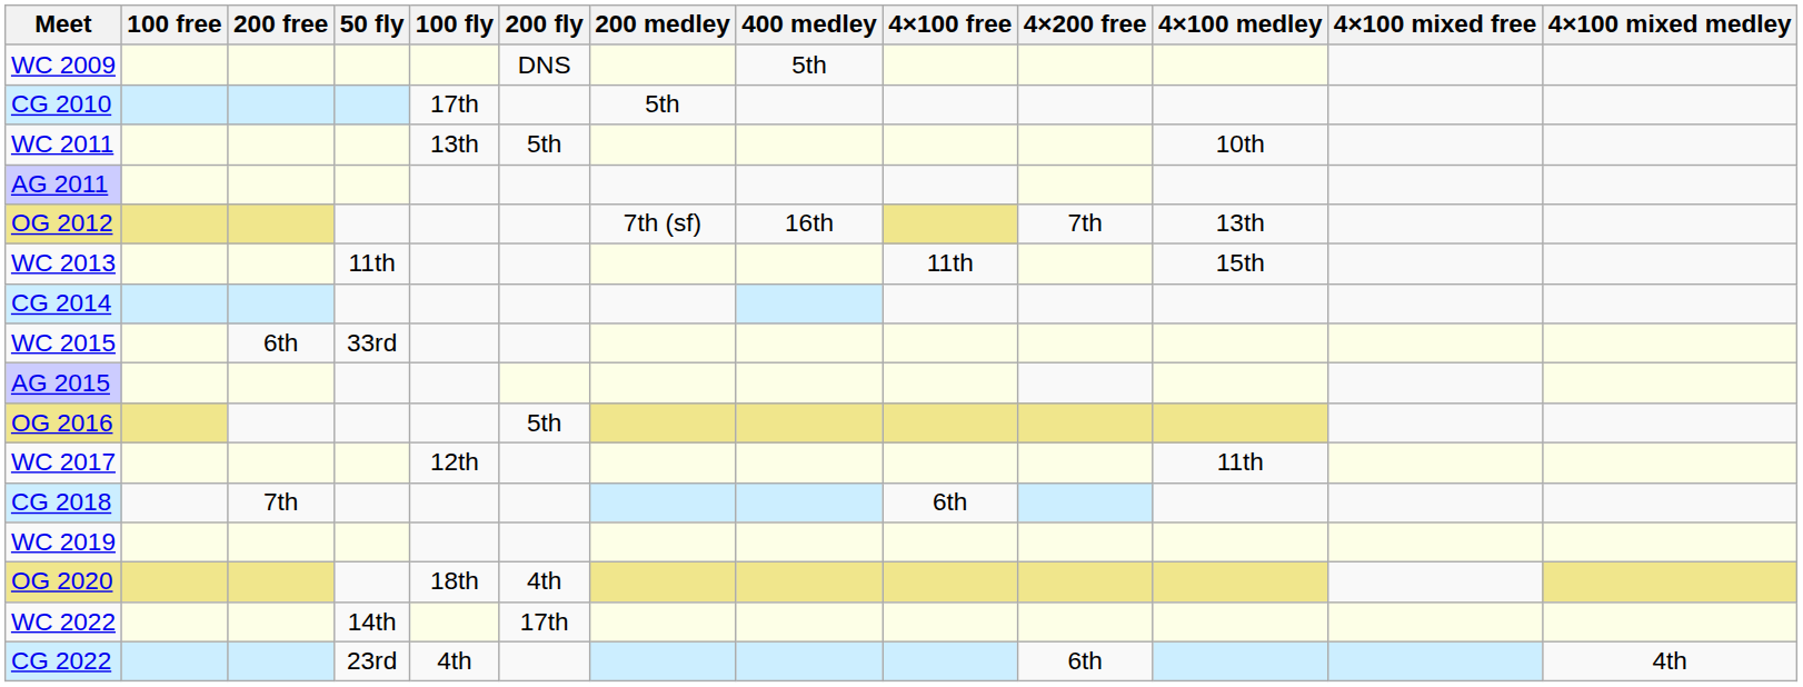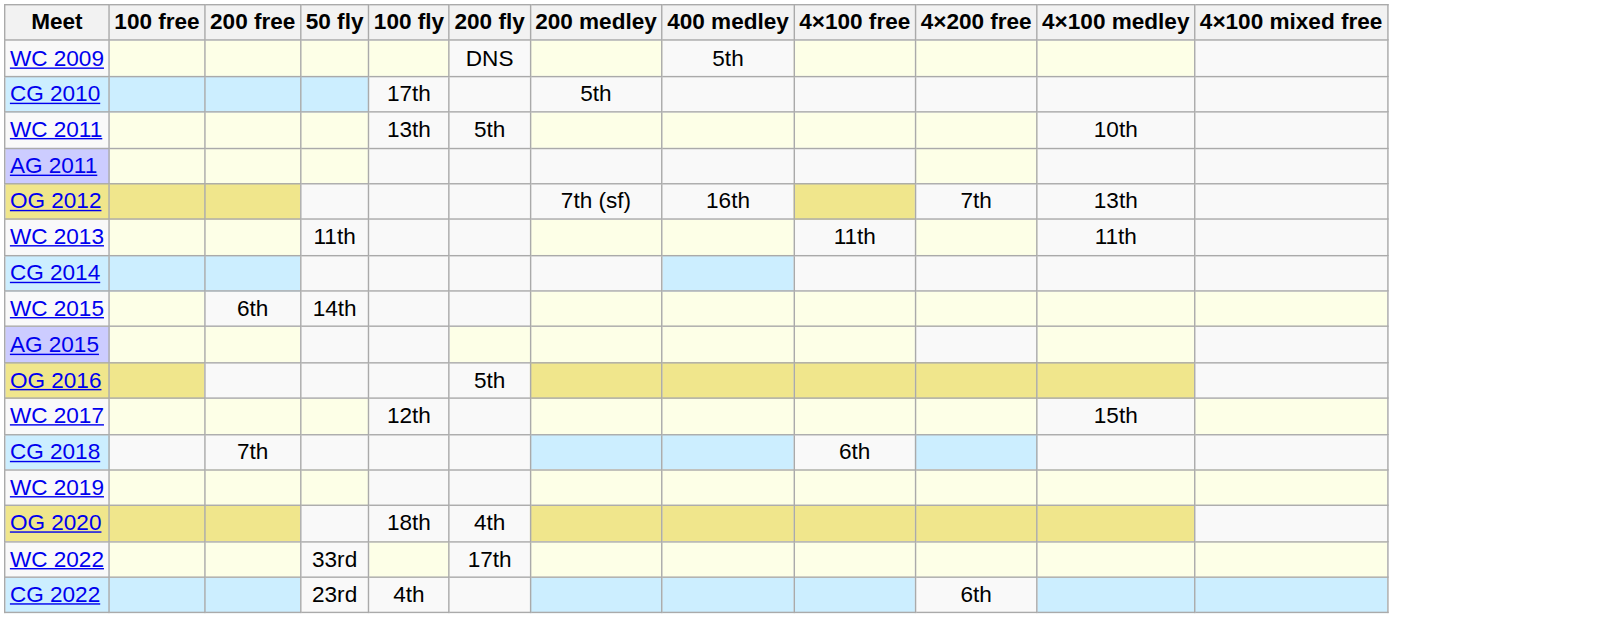 <table class="sortable wikitable">
 <tr>
 <th>Meet</th>
 <th class="unsortable">100 free</th>
 <th class="unsortable">200 free</th>
 <th class="unsortable">50 fly</th>
 <th class="unsortable">100 fly</th>
 <th class="unsortable">200 fly</th>
 <th class="unsortable">200 medley</th>
 <th class="unsortable">400 medley</th>
 <th class="unsortable">4×100 free</th>
 <th class="unsortable">4×200 free</th>
 <th class="unsortable">4×100 medley</th>
 <th class="unsortable">4×100 mixed free</th>
-<th class="unsortable">4×100 mixed medley</th>
 </tr>
 <tr>
 <td><a href='#'>WC 2009</a></td>
 <td style="background:#fdffe7"></td>
 <td style="background:#fdffe7"></td>
 <td style="background:#fdffe7"></td>
 <td style="background:#fdffe7"></td>
 <td align="center">DNS</td>
 <td style="background:#fdffe7"></td>
 <td align="center">5th</td>
 <td style="background:#fdffe7"></td>
 <td style="background:#fdffe7"></td>
 <td style="background:#fdffe7"></td>
-<td></td>
 <td></td>
 </tr>
 <tr>
 <td style="background:#cceeff"><a href='#'>CG 2010</a></td>
 <td style="background:#cceeff"></td>
 <td style="background:#cceeff"></td>
 <td style="background:#cceeff"></td>
 <td align="center">17th</td>
 <td align="center"></td>
 <td align="center">5th</td>
 <td align="center"></td>
 <td align="center"></td>
 <td align="center"></td>
 <td align="center"></td>
 <td></td>
-<td></td>
 </tr>
 <tr>
 <td><a href='#'>WC 2011</a></td>
 <td style="background:#fdffe7"></td>
 <td style="background:#fdffe7"></td>
 <td style="background:#fdffe7"></td>
 <td align="center">13th</td>
 <td align="center">5th</td>
 <td style="background:#fdffe7"></td>
 <td style="background:#fdffe7"></td>
 <td style="background:#fdffe7"></td>
 <td style="background:#fdffe7"></td>
 <td align="center">10th</td>
-<td></td>
 <td></td>
 </tr>
 <tr>
 <td style="background:#ccccff"><a href='#'>AG 2011</a></td>
 <td style="background:#fdffe7"></td>
 <td style="background:#fdffe7"></td>
 <td style="background:#fdffe7"></td>
 <td align="center"></td>
 <td align="center"></td>
 <td align="center"></td>
 <td align="center"></td>
 <td align="center"></td>
 <td style="background:#fdffe7"></td>
 <td align="center"></td>
 <td></td>
-<td></td>
 </tr>
 <tr>
 <td style="background:#f0e68c"><a href='#'>OG 2012</a></td>
 <td style="background:#f0e68c"></td>
 <td style="background:#f0e68c"></td>
 <td></td>
 <td align="center"></td>
 <td align="center"></td>
 <td align="center">7th (sf)</td>
 <td align="center">16th</td>
 <td style="background:#f0e68c"></td>
 <td align="center">7th</td>
 <td align="center">13th</td>
 <td></td>
-<td></td>
 </tr>
 <tr>
 <td><a href='#'>WC 2013</a></td>
 <td style="background:#fdffe7"></td>
 <td style="background:#fdffe7"></td>
 <td align="center">11th</td>
 <td align="center"></td>
 <td align="center"></td>
 <td style="background:#fdffe7"></td>
 <td style="background:#fdffe7"></td>
 <td align="center">11th</td>
 <td style="background:#fdffe7"></td>
-<td align="center">15th</td>
-<td></td>
+<td align="center">11th</td>
 <td></td>
 </tr>
 <tr>
 <td style="background:#cceeff"><a href='#'>CG 2014</a></td>
 <td style="background:#cceeff"></td>
 <td style="background:#cceeff"></td>
 <td align="center"></td>
 <td align="center"></td>
 <td align="center"></td>
 <td align="center"></td>
 <td style="background:#cceeff"></td>
 <td align="center"></td>
 <td align="center"></td>
 <td align="center"></td>
 <td></td>
-<td></td>
 </tr>
 <tr>
 <td><a href='#'>WC 2015</a></td>
 <td style="background:#fdffe7"></td>
 <td align="center">6th</td>
-<td align="center">33rd</td>
+<td align="center">14th</td>
 <td align="center"></td>
 <td align="center"></td>
-<td style="background:#fdffe7"></td>
 <td style="background:#fdffe7"></td>
 <td style="background:#fdffe7"></td>
 <td style="background:#fdffe7"></td>
 <td style="background:#fdffe7"></td>
 <td style="background:#fdffe7"></td>
 <td style="background:#fdffe7"></td>
 </tr>
 <tr>
 <td style="background:#ccccff"><a href='#'>AG 2015</a></td>
 <td style="background:#fdffe7"></td>
 <td style="background:#fdffe7"></td>
 <td align="center"></td>
 <td align="center"></td>
 <td style="background:#fdffe7"></td>
 <td style="background:#fdffe7"></td>
 <td style="background:#fdffe7"></td>
 <td style="background:#fdffe7"></td>
 <td align="center"></td>
 <td style="background:#fdffe7"></td>
 <td align="center"></td>
-<td style="background:#fdffe7"></td>
 </tr>
 <tr>
 <td style="background:#f0e68c"><a href='#'>OG 2016</a></td>
 <td style="background:#f0e68c"></td>
 <td align="center"></td>
 <td></td>
 <td align="center"></td>
 <td align="center">5th</td>
 <td style="background:#f0e68c"></td>
 <td style="background:#f0e68c"></td>
 <td style="background:#f0e68c"></td>
 <td style="background:#f0e68c"></td>
 <td style="background:#f0e68c"></td>
 <td></td>
-<td></td>
 </tr>
 <tr>
 <td><a href='#'>WC 2017</a></td>
 <td style="background:#fdffe7"></td>
 <td style="background:#fdffe7"></td>
 <td style="background:#fdffe7"></td>
 <td align="center">12th</td>
 <td align="center"></td>
 <td style="background:#fdffe7"></td>
 <td style="background:#fdffe7"></td>
 <td style="background:#fdffe7"></td>
 <td style="background:#fdffe7"></td>
-<td align="center">11th</td>
-<td style="background:#fdffe7"></td>
+<td align="center">15th</td>
 <td style="background:#fdffe7"></td>
 </tr>
 <tr>
 <td style="background:#cceeff"><a href='#'>CG 2018</a></td>
 <td align="center"></td>
 <td align="center">7th</td>
 <td align="center"></td>
 <td align="center"></td>
 <td align="center"></td>
 <td style="background:#cceeff"></td>
 <td style="background:#cceeff"></td>
 <td align="center">6th</td>
 <td style="background:#cceeff"></td>
 <td align="center"></td>
 <td></td>
-<td></td>
 </tr>
 <tr>
 <td><a href='#'>WC 2019</a></td>
 <td style="background:#fdffe7"></td>
 <td style="background:#fdffe7"></td>
 <td style="background:#fdffe7"></td>
 <td align="center"></td>
 <td align="center"></td>
-<td style="background:#fdffe7"></td>
 <td style="background:#fdffe7"></td>
 <td style="background:#fdffe7"></td>
 <td style="background:#fdffe7"></td>
 <td style="background:#fdffe7"></td>
 <td style="background:#fdffe7"></td>
 <td style="background:#fdffe7"></td>
 </tr>
 <tr>
 <td style="background:#f0e68c"><a href='#'>OG 2020</a></td>
 <td style="background:#f0e68c"></td>
 <td style="background:#f0e68c"></td>
 <td></td>
 <td align="center">18th</td>
 <td align="center">4th</td>
 <td style="background:#f0e68c"></td>
 <td style="background:#f0e68c"></td>
 <td style="background:#f0e68c"></td>
 <td style="background:#f0e68c"></td>
 <td style="background:#f0e68c"></td>
 <td></td>
-<td style="background:#f0e68c"></td>
 </tr>
 <tr>
 <td><a href='#'>WC 2022</a></td>
 <td style="background:#fdffe7"></td>
 <td style="background:#fdffe7"></td>
-<td align="center">14th</td>
+<td align="center">33rd</td>
 <td style="background:#fdffe7"></td>
 <td align="center">17th</td>
-<td style="background:#fdffe7"></td>
 <td style="background:#fdffe7"></td>
 <td style="background:#fdffe7"></td>
 <td style="background:#fdffe7"></td>
 <td style="background:#fdffe7"></td>
 <td style="background:#fdffe7"></td>
 <td style="background:#fdffe7"></td>
 </tr>
 <tr>
 <td style="background:#cceeff"><a href='#'>CG 2022</a></td>
 <td style="background:#cceeff"></td>
 <td style="background:#cceeff"></td>
 <td align="center">23rd</td>
 <td align="center">4th</td>
 <td align="center"></td>
 <td style="background:#cceeff"></td>
 <td style="background:#cceeff"></td>
 <td style="background:#cceeff"></td>
 <td align="center">6th</td>
 <td style="background:#cceeff"></td>
 <td style="background:#cceeff"></td>
-<td align="center">4th</td>
 </tr>
 </table>
